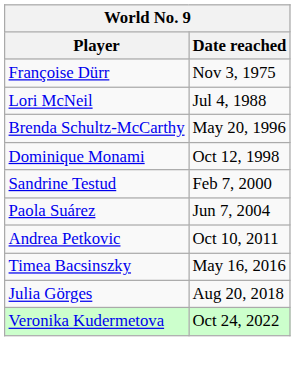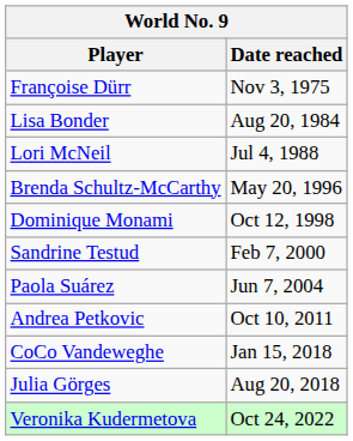 <table class="wikitable nowrap" style="display:inline-table; font-size:85%">
 <tr>
 <th colspan="2">World No. 9</th>
 </tr>
 <tr>
 <th>Player</th>
 <th>Date reached</th>
 </tr>
 <tr>
 <td> <a href='#'>Françoise Dürr</a></td>
 <td>Nov 3, 1975</td>
+</tr>
+<tr>
+<td> <a href='#'>Lisa Bonder</a></td>
+<td>Aug 20, 1984</td>
 </tr>
 <tr>
 <td> <a href='#'>Lori McNeil</a></td>
 <td>Jul 4, 1988</td>
 </tr>
 <tr>
 <td> <a href='#'>Brenda Schultz-McCarthy</a></td>
 <td>May 20, 1996</td>
 </tr>
 <tr>
 <td> <a href='#'>Dominique Monami</a></td>
 <td>Oct 12, 1998</td>
 </tr>
 <tr>
 <td> <a href='#'>Sandrine Testud</a></td>
 <td>Feb 7, 2000</td>
 </tr>
 <tr>
 <td> <a href='#'>Paola Suárez</a></td>
 <td>Jun 7, 2004</td>
 </tr>
 <tr>
 <td> <a href='#'>Andrea Petkovic</a></td>
 <td>Oct 10, 2011</td>
 </tr>
 <tr>
-<td> <a href='#'>Timea Bacsinszky</a></td>
-<td>May 16, 2016</td>
+<td> <a href='#'>CoCo Vandeweghe</a></td>
+<td>Jan 15, 2018</td>
 </tr>
 <tr>
 <td> <a href='#'>Julia Görges</a></td>
 <td>Aug 20, 2018</td>
 </tr>
 <tr bgcolor=ccffcc>
 <td> <a href='#'>Veronika Kudermetova</a></td>
 <td>Oct 24, 2022</td>
 </tr>
 </table>
